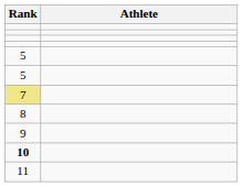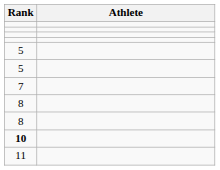 <table class="wikitable" style="text-align: center;">
 <tr>
 <th width=40>Rank</th>
 <th width=250>Athlete</th>
 </tr>
 <tr>
 <td></td>
 <td align=left></td>
 </tr>
 <tr>
 <td></td>
 <td align=left></td>
 </tr>
 <tr>
 <td></td>
 <td align=left></td>
 </tr>
 <tr>
 <td></td>
 <td align=left></td>
 </tr>
 <tr>
 <td>5</td>
 <td align=left></td>
 </tr>
 <tr>
 <td>5</td>
 <td align=left></td>
 </tr>
 <tr>
-<td style="background: khaki;">7</td>
+<td>7</td>
 <td align=left></td>
 </tr>
 <tr>
 <td>8</td>
 <td align=left></td>
 </tr>
 <tr>
-<td>9</td>
+<td>8</td>
 <td align=left></td>
 </tr>
 <tr>
 <td><strong>10</strong></td>
 <td align=left></td>
 </tr>
 <tr>
 <td>11</td>
 <td align=left></td>
 </tr>
 </table>
